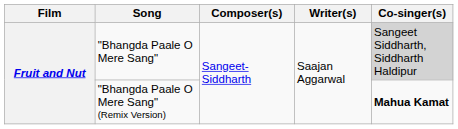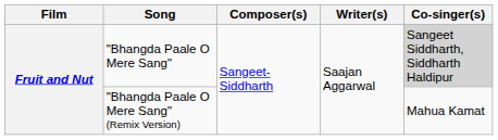 <table class="wikitable plainrowheaders" width="100%" textcolor:#000;">
 <tr>
 <th scope="col" width=20%><strong>Film</strong></th>
 <th scope="col" width=23%><strong>Song</strong></th>
 <th scope="col" width=21%><strong>Composer(s)</strong></th>
 <th scope="col" width=17%><strong>Writer(s)</strong></th>
 <th scope="col" width=18%><strong>Co-singer(s)</strong></th>
 </tr>
 <tr>
 <th scope="row" rowspan="2"><em><a href='#'>Fruit and Nut</a></em></th>
 <td>"Bhangda Paale O Mere Sang"</td>
 <td rowspan="2"><a href='#'>Sangeet-Siddharth</a></td>
 <td rowspan="2">Saajan Aggarwal</td>
 <td style="background: lightgrey;">Sangeet Siddharth, Siddharth Haldipur</td>
 </tr>
 <tr>
 <td>"Bhangda Paale O Mere Sang"<br><small>(Remix Version)</small></td>
-<td><strong>Mahua Kamat</strong></td>
+<td>Mahua Kamat</td>
 </tr>
 </table>
